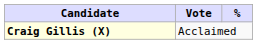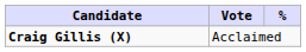 <table class="wikitable">
 <tr>
 <th style="background:#ddf; width:200px;">Candidate</th>
 <th style="background:#ddf; width:50px;">Vote</th>
 <th style="background:#ddf; width:30px;">%</th>
 </tr>
 <tr>
-<td style="background: lightyellow;"><strong>Craig Gillis (X)</strong></td>
+<td><strong>Craig Gillis (X)</strong></td>
 <td colspan="2">Acclaimed</td>
 </tr>
 </table>
